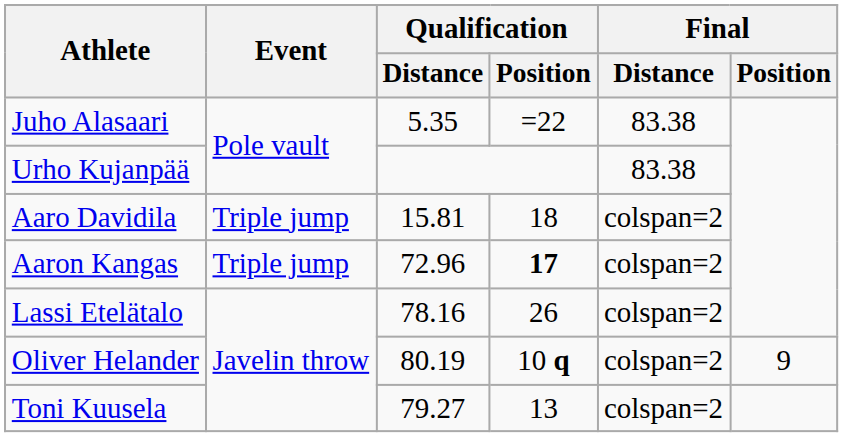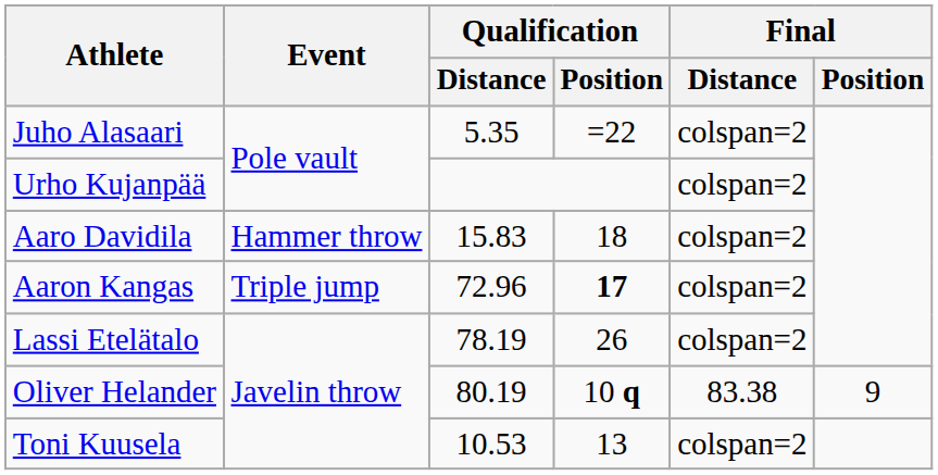 <table class=wikitable style=font-size:90%>
 <tr>
 <th rowspan=2>Athlete</th>
 <th rowspan=2>Event</th>
 <th colspan=2>Qualification</th>
 <th colspan=2>Final</th>
 </tr>
 <tr style=font-size:95%>
 <th>Distance</th>
 <th>Position</th>
 <th>Distance</th>
 <th>Position</th>
 </tr>
 <tr align=center>
 <td align=left><a href='#'>Juho Alasaari</a></td>
 <td align=left rowspan=2><a href='#'>Pole vault</a></td>
 <td>5.35</td>
 <td>=22</td>
-<td>83.38</td>
+<td>colspan=2 </td>
 </tr>
 <tr align=center>
 <td align=left><a href='#'>Urho Kujanpää</a></td>
 <td colspan=2></td>
-<td>83.38</td>
+<td>colspan=2 </td>
 </tr>
 <tr align=center>
 <td align=left><a href='#'>Aaro Davidila</a></td>
-<td align=left><a href='#'>Triple jump</a></td>
-<td>15.81</td>
+<td align=left><a href='#'>Hammer throw</a></td>
+<td>15.83</td>
 <td>18</td>
 <td>colspan=2 </td>
 </tr>
 <tr align=center>
 <td align=left><a href='#'>Aaron Kangas</a></td>
 <td align=left><a href='#'>Triple jump</a></td>
 <td>72.96</td>
 <td><strong>17</strong></td>
 <td>colspan=2 </td>
 </tr>
 <tr align=center>
 <td align=left><a href='#'>Lassi Etelätalo</a></td>
 <td align=left rowspan=3><a href='#'>Javelin throw</a></td>
-<td>78.16</td>
+<td>78.19</td>
 <td>26</td>
 <td>colspan=2 </td>
 </tr>
 <tr align=center>
 <td align=left><a href='#'>Oliver Helander</a></td>
 <td>80.19</td>
 <td>10 <strong>q</strong></td>
-<td>colspan=2 </td>
+<td>83.38</td>
 <td>9</td>
 </tr>
 <tr align=center>
 <td align=left><a href='#'>Toni Kuusela</a></td>
-<td>79.27</td>
+<td>10.53</td>
 <td>13</td>
 <td>colspan=2 </td>
 </tr>
 </table>
